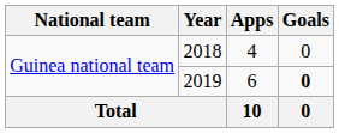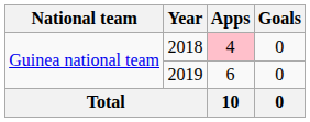 <table class="wikitable" style="text-align:center">
 <tr>
 <th>National team</th>
 <th>Year</th>
 <th>Apps</th>
 <th>Goals</th>
 </tr>
 <tr>
 <td rowspan="2"><a href='#'>Guinea national team</a></td>
 <td>2018</td>
-<td>4</td>
+<td style="background: pink;">4</td>
 <td>0</td>
 </tr>
 <tr>
 <td>2019</td>
 <td>6</td>
-<td><strong>0</strong></td>
+<td>0</td>
 </tr>
 <tr>
 <th colspan="2">Total</th>
 <th>10</th>
 <th>0</th>
 </tr>
 </table>
